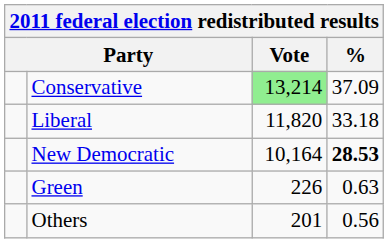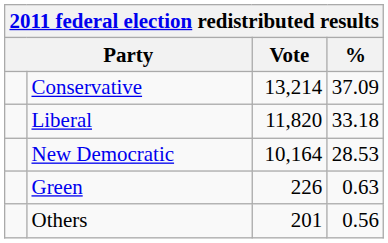 <table class="wikitable">
 <tr>
 <th colspan="4"><a href='#'>2011 federal election</a> redistributed results</th>
 </tr>
 <tr>
 <th bgcolor="#DDDDFF" width="130px" colspan="2">Party</th>
 <th bgcolor="#DDDDFF" width="50px">Vote</th>
 <th bgcolor="#DDDDFF" width="30px">%</th>
 </tr>
 <tr>
 <td> </td>
 <td><a href='#'>Conservative</a></td>
-<td align=right style="background: lightgreen;">13,214</td>
+<td align=right>13,214</td>
 <td align=right>37.09</td>
 </tr>
 <tr>
 <td> </td>
 <td><a href='#'>Liberal</a></td>
 <td align=right>11,820</td>
 <td align=right>33.18</td>
 </tr>
 <tr>
 <td> </td>
 <td><a href='#'>New Democratic</a></td>
 <td align=right>10,164</td>
-<td align=right><strong>28.53</strong></td>
+<td align=right>28.53</td>
 </tr>
 <tr>
 <td> </td>
 <td><a href='#'>Green</a></td>
 <td align=right>226</td>
 <td align=right>0.63</td>
 </tr>
 <tr>
 <td> </td>
 <td>Others</td>
 <td align=right>201</td>
 <td align=right>0.56</td>
 </tr>
 </table>
